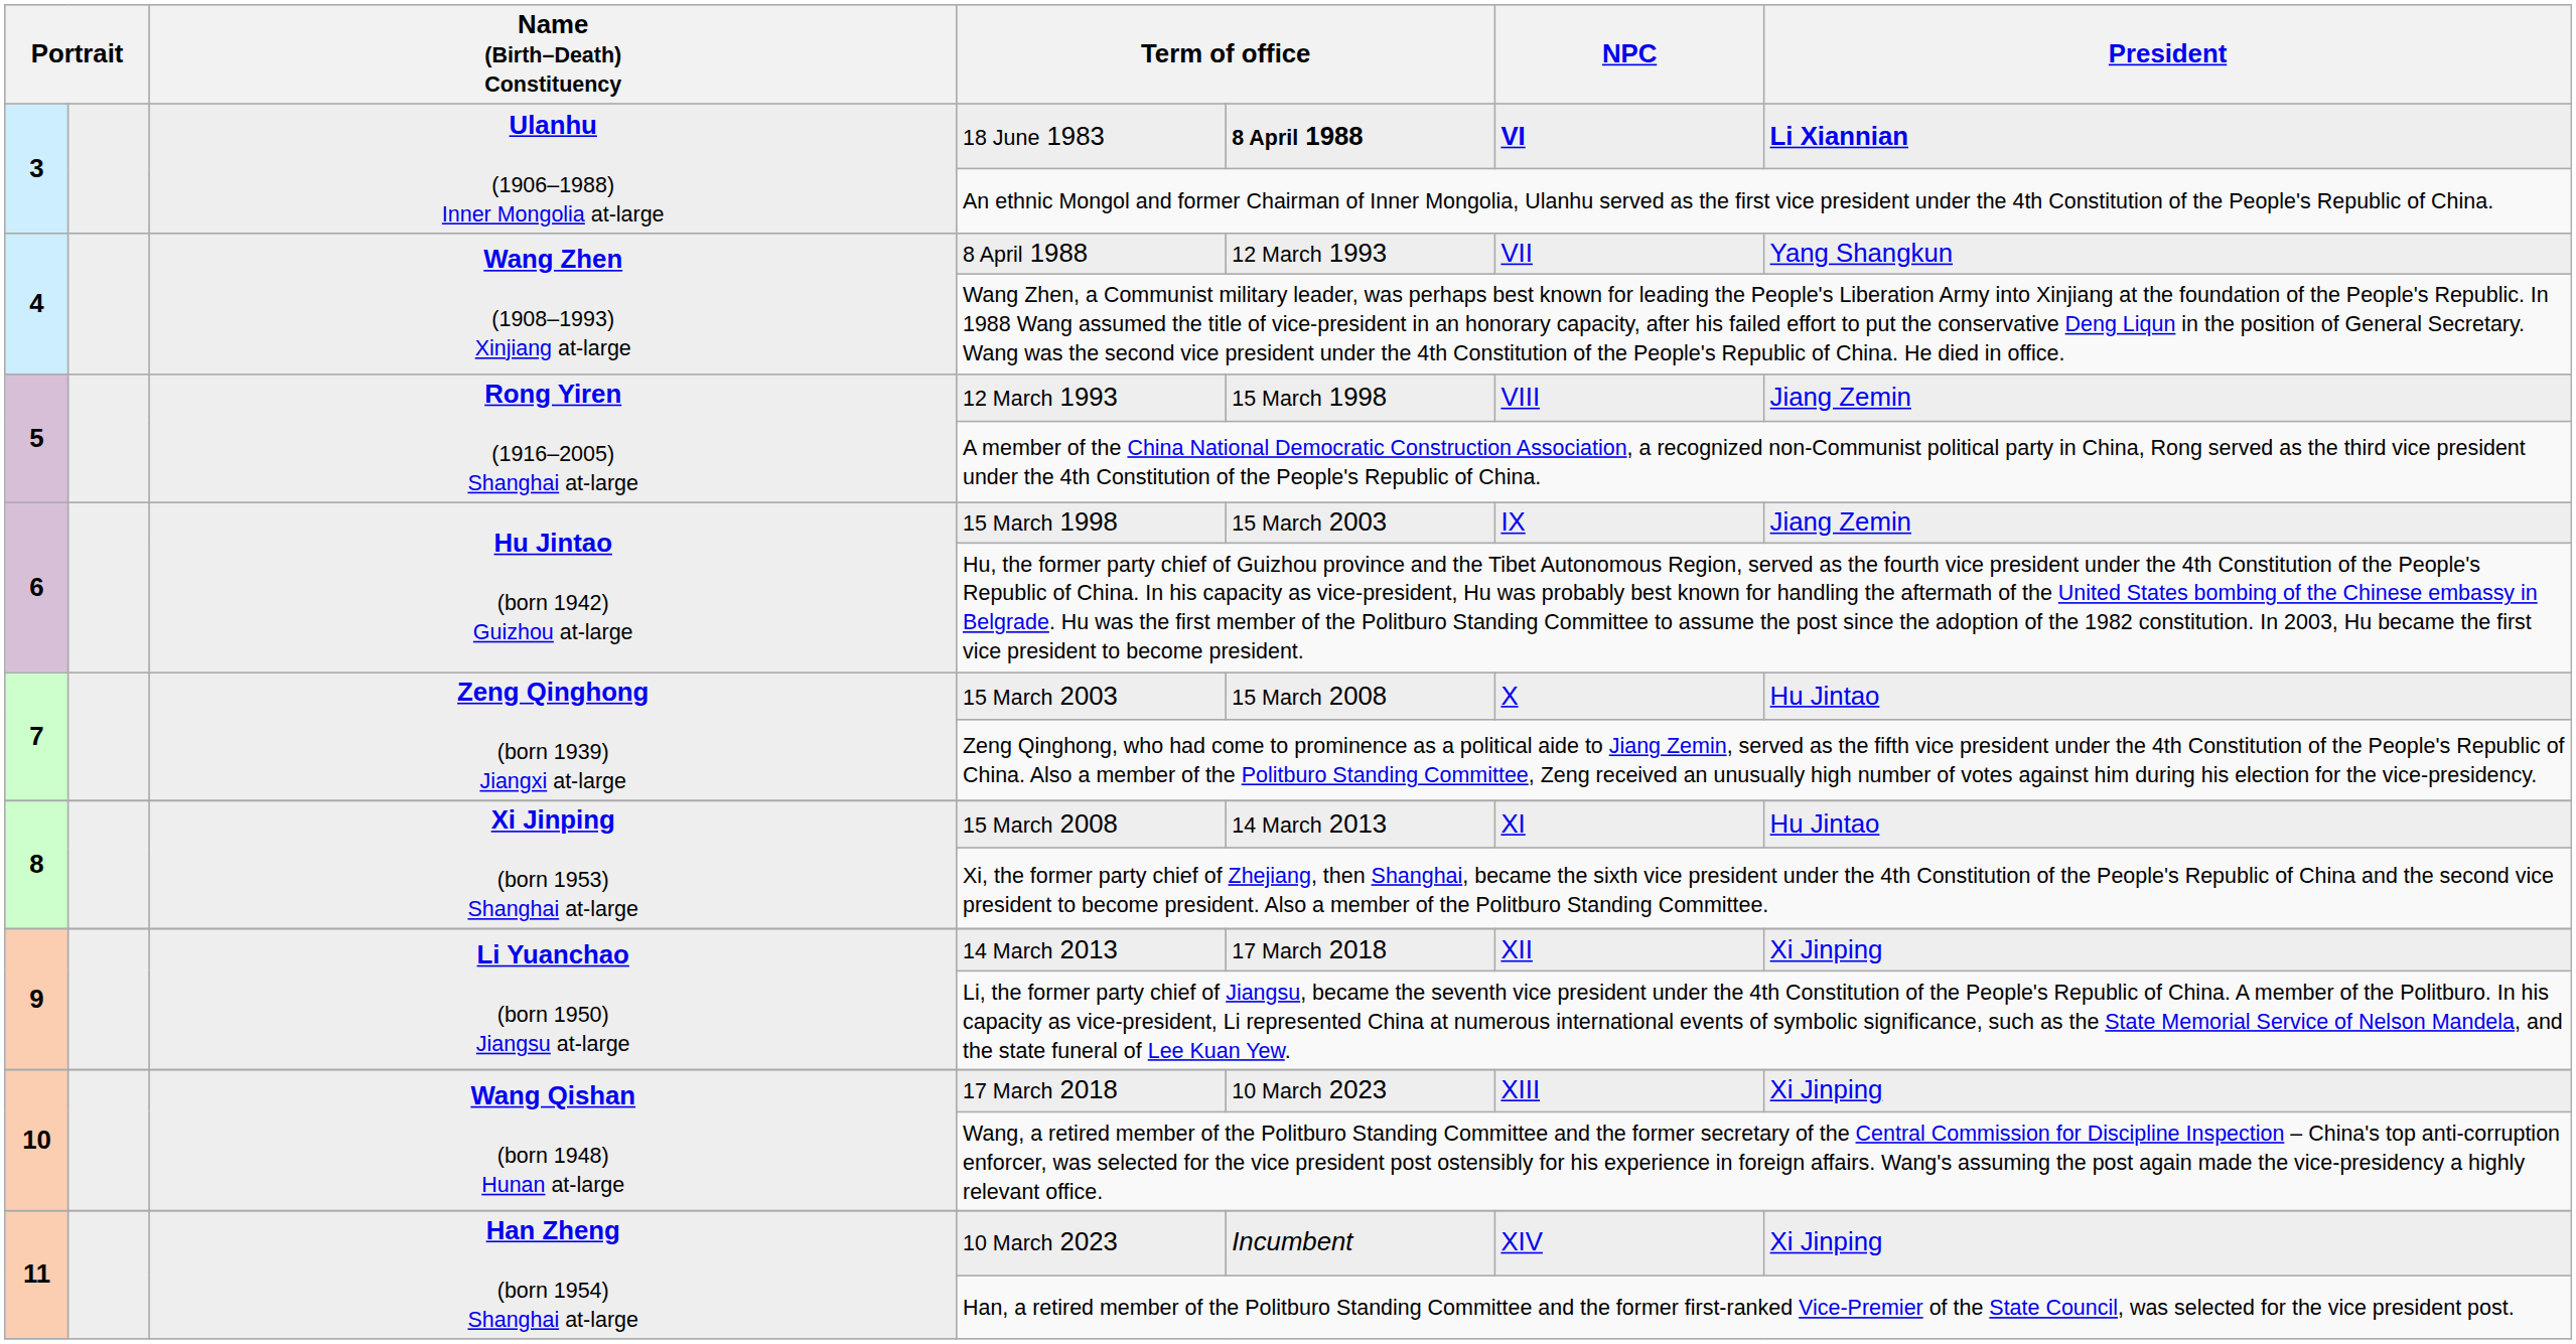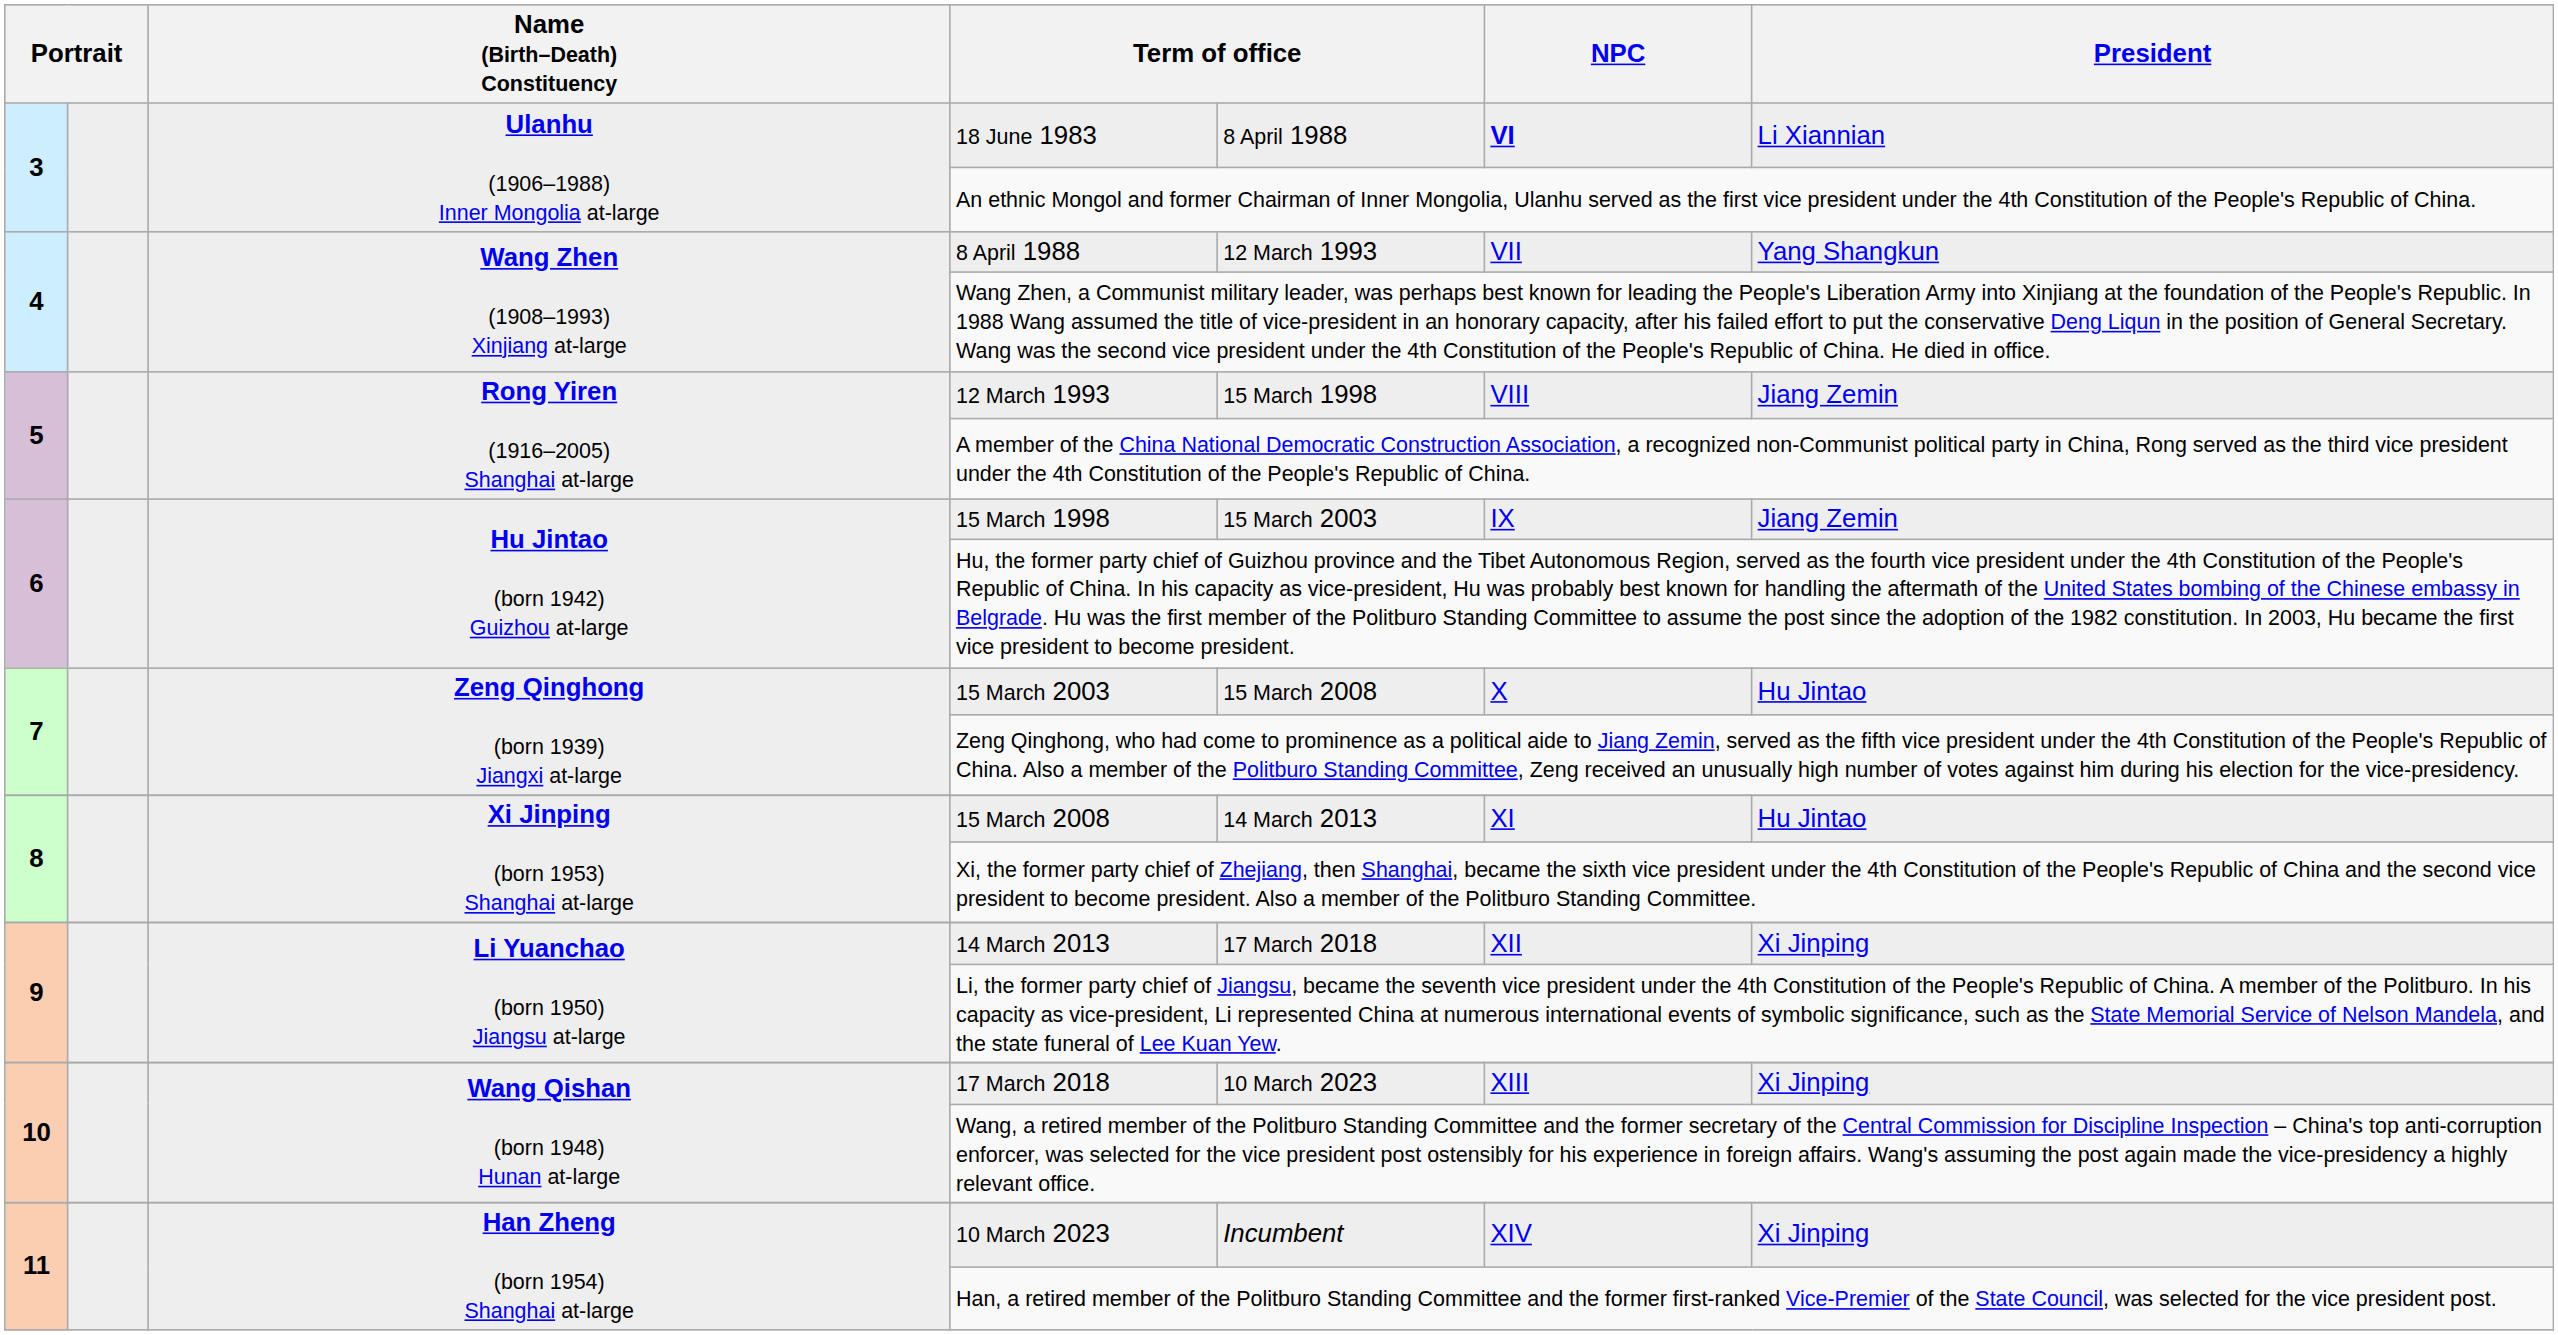 <table class="wikitable" width=100%>
 <tr>
 <th colspan="2" width=5%>Portrait</th>
 <th width=30%>Name<br><small>(Birth–Death)<br>Constituency</small></th>
 <th colspan="2" width=20%>Term of office</th>
 <th width=10%><a href='#'>NPC</a></th>
 <th width=30%><a href='#'>President</a></th>
 </tr>
 <tr bgcolor=#EEEEEE>
 <th rowspan="2" style="background-color: #CCEEFF" width=20>3</th>
 <td rowspan="2"></td>
 <td rowspan="2" align="center"><strong><a href='#'>Ulanhu</a></strong><br><span></span><small><br>(1906–1988)<br><a href='#'>Inner Mongolia</a> at-large</small></td>
 <td width=10%><small>18 June</small> 1983</td>
-<td width=10%><strong><small>8 April</small> 1988</strong></td>
+<td width=10%><small>8 April</small> 1988</td>
 <td><strong><a href='#'>VI</a></strong></td>
-<td><strong><a href='#'>Li Xiannian</a></strong></td>
+<td><a href='#'>Li Xiannian</a></td>
 </tr>
 <tr>
 <td colspan="4"><small>An ethnic Mongol and former Chairman of Inner Mongolia, Ulanhu served as the first vice president under the 4th Constitution of the People's Republic of China.</small></td>
 </tr>
 <tr bgcolor=#EEEEEE>
 <th rowspan="2" style="background-color: #CCEEFF" width=2%>4</th>
 <td rowspan="2"></td>
 <td rowspan="2" align="center"><strong><a href='#'>Wang Zhen</a></strong><br><span></span><small><br>(1908–1993)<br><a href='#'>Xinjiang</a> at-large</small></td>
 <td width=10%><small>8 April</small> 1988</td>
 <td width=10%><small>12 March</small> 1993</td>
 <td><a href='#'>VII</a></td>
 <td><a href='#'>Yang Shangkun</a></td>
 </tr>
 <tr>
 <td colspan="4"><small>Wang Zhen, a Communist military leader, was perhaps best known for leading the People's Liberation Army into Xinjiang at the foundation of the People's Republic. In 1988 Wang assumed the title of vice-president in an honorary capacity, after his failed effort to put the conservative <a href='#'>Deng Liqun</a> in the position of General Secretary. Wang was the second vice president under the 4th Constitution of the People's Republic of China. He died in office.</small></td>
 </tr>
 <tr bgcolor=#EEEEEE>
 <th rowspan="2" style="background-color: #D8BFD8" width=2%>5</th>
 <td rowspan="2"></td>
 <td rowspan="2" align="center"><strong><a href='#'>Rong Yiren</a></strong><br><span></span><small><br>(1916–2005)<br><a href='#'>Shanghai</a> at-large</small></td>
 <td width=10%><small>12 March</small> 1993</td>
 <td width=10%><small>15 March</small> 1998</td>
 <td><a href='#'>VIII</a></td>
 <td><a href='#'>Jiang Zemin</a></td>
 </tr>
 <tr>
 <td colspan="4"><small>A member of the <a href='#'>China National Democratic Construction Association</a>, a recognized non-Communist political party in China, Rong served as the third vice president under the 4th Constitution of the People's Republic of China.</small></td>
 </tr>
 <tr bgcolor=#EEEEEE>
 <th rowspan="2" style="background-color: #D8BFD8" width=2%>6</th>
 <td rowspan="2"></td>
 <td rowspan="2" align="center"><strong><a href='#'>Hu Jintao</a></strong><br><span></span><small><br>(born 1942)<br><a href='#'>Guizhou</a> at-large</small></td>
 <td width=10%><small>15 March</small> 1998</td>
 <td width=10%><small>15 March</small> 2003</td>
 <td><a href='#'>IX</a></td>
 <td><a href='#'>Jiang Zemin</a></td>
 </tr>
 <tr>
 <td colspan="4"><small>Hu, the former party chief of Guizhou province and the Tibet Autonomous Region, served as the fourth vice president under the 4th Constitution of the People's Republic of China. In his capacity as vice-president, Hu was probably best known for handling the aftermath of the <a href='#'>United States bombing of the Chinese embassy in Belgrade</a>. Hu was the first member of the Politburo Standing Committee to assume the post since the adoption of the 1982 constitution. In 2003, Hu became the first vice president to become president.</small></td>
 </tr>
 <tr bgcolor=#EEEEEE>
 <th rowspan="2" style="background-color: #CCFFCC" width=2%>7</th>
 <td rowspan="2"></td>
 <td rowspan="2" align="center"><strong><a href='#'>Zeng Qinghong</a></strong><br><span></span><small><br>(born 1939)<br><a href='#'>Jiangxi</a> at-large</small></td>
 <td width=10%><small>15 March</small> 2003</td>
 <td width=10%><small>15 March</small> 2008</td>
 <td><a href='#'>X</a></td>
 <td><a href='#'>Hu Jintao</a></td>
 </tr>
 <tr>
 <td colspan="4"><small>Zeng Qinghong, who had come to prominence as a political aide to <a href='#'>Jiang Zemin</a>, served as the fifth vice president under the 4th Constitution of the People's Republic of China. Also a member of the <a href='#'>Politburo Standing Committee</a>, Zeng received an unusually high number of votes against him during his election for the vice-presidency.</small></td>
 </tr>
 <tr>
 </tr>
 <tr bgcolor=#EEEEEE>
 <th rowspan="2" style="background-color: #CCFFCC" width=2%>8</th>
 <td rowspan="2"></td>
 <td rowspan="2" align="center"><strong><a href='#'>Xi Jinping</a></strong><br><span></span><small><br>(born 1953)<br><a href='#'>Shanghai</a> at-large</small></td>
 <td width=10%><small>15 March</small> 2008</td>
 <td width=10%><small>14 March</small> 2013</td>
 <td><a href='#'>XI</a></td>
 <td><a href='#'>Hu Jintao</a></td>
 </tr>
 <tr>
 <td colspan="4"><small>Xi, the former party chief of <a href='#'>Zhejiang</a>, then <a href='#'>Shanghai</a>, became the sixth vice president under the 4th Constitution of the People's Republic of China and the second vice president to become president. Also a member of the Politburo Standing Committee.</small></td>
 </tr>
 <tr>
 </tr>
 <tr bgcolor=#EEEEEE>
 <th rowspan="2" style="background-color: #FBCEB1" width=2%>9</th>
 <td rowspan="2"></td>
 <td rowspan="2" align="center"><strong><a href='#'>Li Yuanchao</a></strong><br><span></span><small><br>(born 1950)<br><a href='#'>Jiangsu</a> at-large</small></td>
 <td width=10%><small>14 March</small> 2013</td>
 <td width=10%><small>17 March</small> 2018</td>
 <td><a href='#'>XII</a></td>
 <td><a href='#'>Xi Jinping</a></td>
 </tr>
 <tr>
 <td colspan="4"><small>Li, the former party chief of <a href='#'>Jiangsu</a>, became the seventh vice president under the 4th Constitution of the People's Republic of China. A member of the Politburo. In his capacity as vice-president, Li represented China at numerous international events of symbolic significance, such as the <a href='#'>State Memorial Service of Nelson Mandela</a>, and the state funeral of <a href='#'>Lee Kuan Yew</a>.</small></td>
 </tr>
 <tr>
 </tr>
 <tr bgcolor=#EEEEEE>
 <th rowspan="2" style="background-color: #FBCEB1" width=2%>10</th>
 <td rowspan="2"></td>
 <td rowspan="2" align="center"><strong><a href='#'>Wang Qishan</a></strong><br><span></span><small><br>(born 1948)<br><a href='#'>Hunan</a> at-large</small></td>
 <td width=10%><small>17 March</small> 2018</td>
 <td width=10%><small>10 March</small> 2023</td>
 <td><a href='#'>XIII</a></td>
 <td><a href='#'>Xi Jinping</a></td>
 </tr>
 <tr>
 <td colspan="4"><small>Wang, a retired member of the Politburo Standing Committee and the former secretary of the <a href='#'>Central Commission for Discipline Inspection</a> – China's top anti-corruption enforcer, was selected for the vice president post ostensibly for his experience in foreign affairs. Wang's assuming the post again made the vice-presidency a highly relevant office.</small></td>
 </tr>
 <tr>
 </tr>
 <tr bgcolor=#EEEEEE>
 <th rowspan="2" style="background-color: #FBCEB1" width=2%>11</th>
 <td rowspan="2"></td>
 <td rowspan="2" align="center"><strong><a href='#'>Han Zheng</a></strong><br><span></span><small><br>(born 1954)<br><a href='#'>Shanghai</a> at-large</small></td>
 <td width=10%><small>10 March</small> 2023</td>
 <td width=10%><em>Incumbent</em></td>
 <td><a href='#'>XIV</a></td>
 <td><a href='#'>Xi Jinping</a></td>
 </tr>
 <tr>
 <td colspan="4"><small>Han, a retired member of the Politburo Standing Committee and the former first-ranked <a href='#'>Vice-Premier</a> of the <a href='#'>State Council</a>, was selected for the vice president post.</small></td>
 </tr>
 </table>
